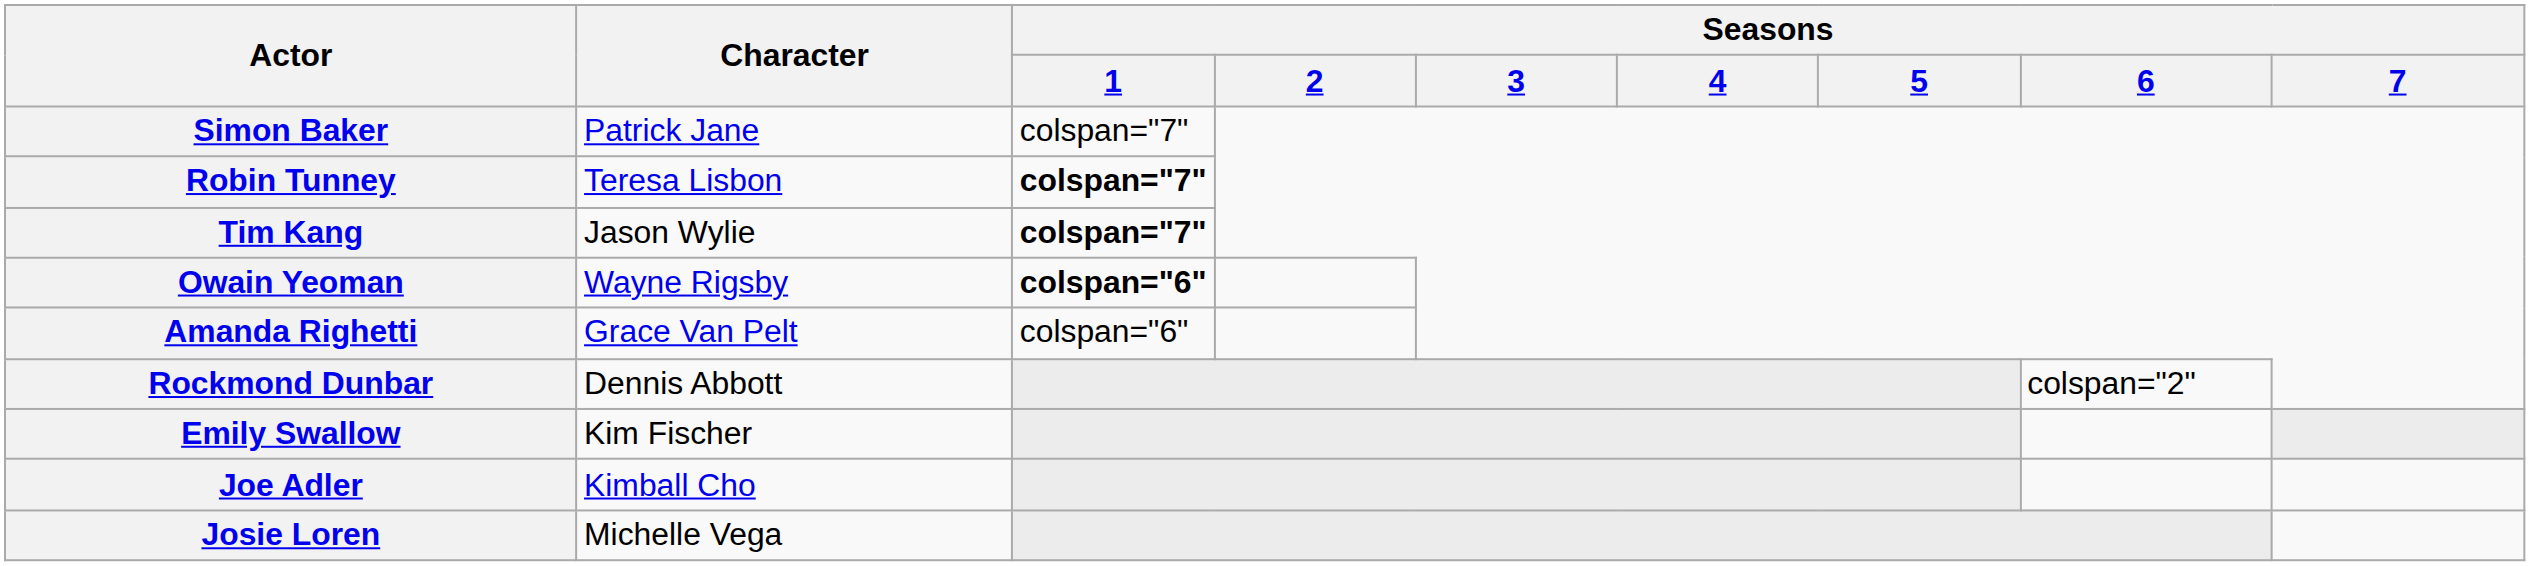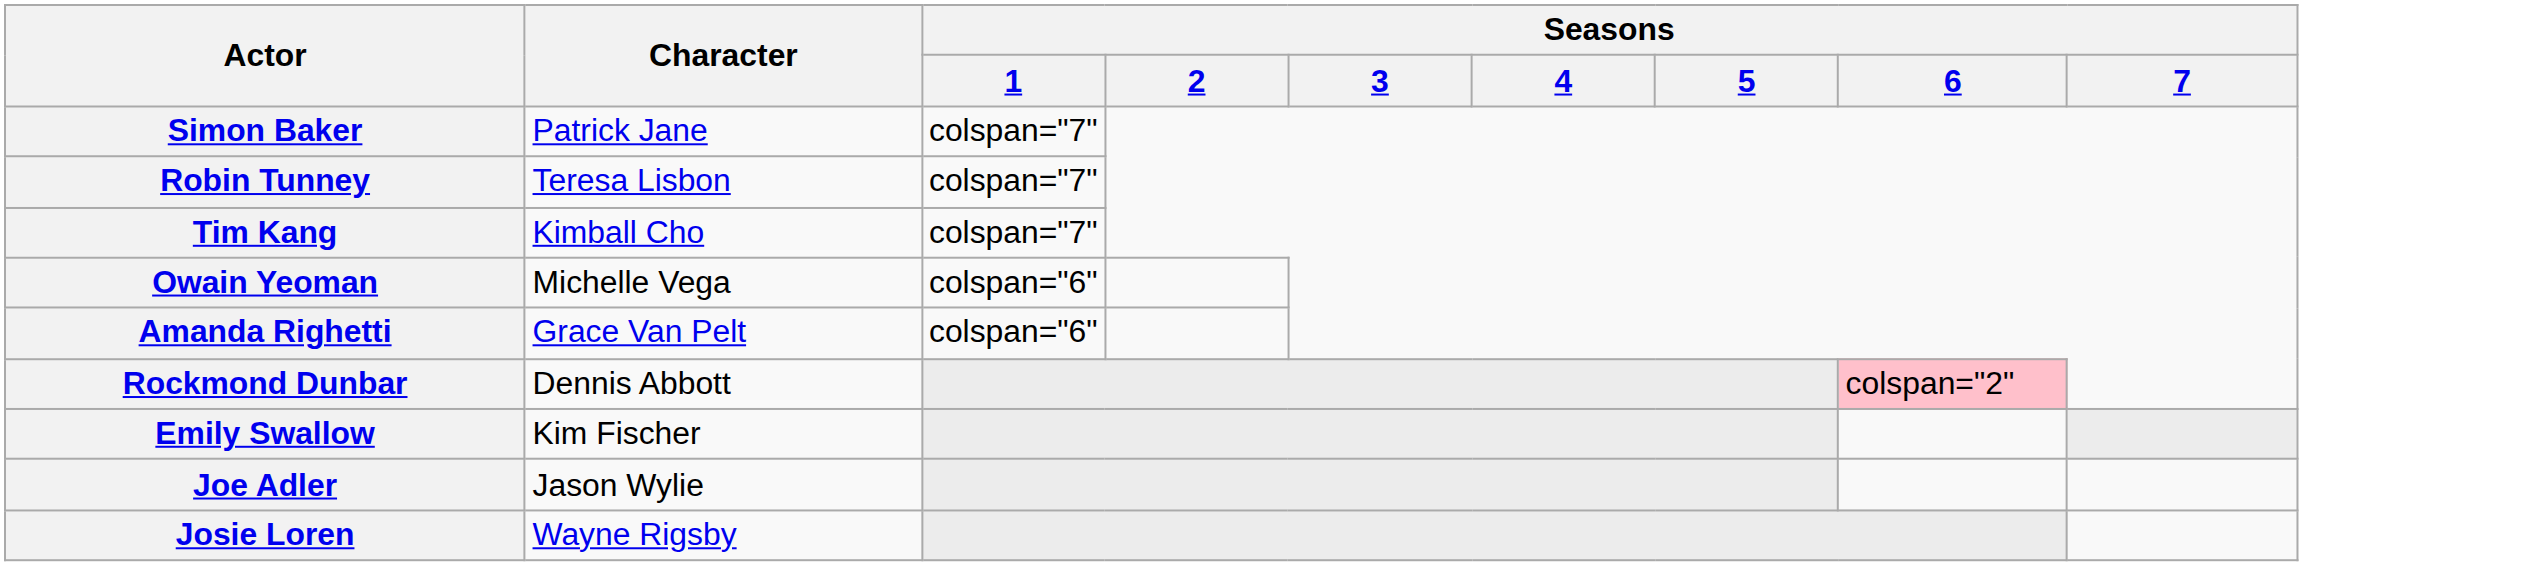 <table class="wikitable plainrowheaders sortable">
 <tr>
 <th scope="col" rowspan="2">Actor</th>
 <th scope="col" rowspan="2">Character</th>
 <th scope="col" colspan="7" class="unsortable">Seasons</th>
 </tr>
 <tr>
 <th style="width:8%;"><a href='#'>1</a></th>
 <th style="width:8%;"><a href='#'>2</a></th>
 <th style="width:8%;"><a href='#'>3</a></th>
 <th style="width:8%;"><a href='#'>4</a></th>
 <th style="width:8%;"><a href='#'>5</a></th>
 <th style="width:10%;"><a href='#'>6</a></th>
 <th style="width:10%;"><a href='#'>7</a></th>
 </tr>
 <tr>
 <th scope="row"><a href='#'>Simon Baker</a></th>
 <td><a href='#'>Patrick Jane</a></td>
 <td>colspan="7" </td>
 </tr>
 <tr>
 <th scope="row"><a href='#'>Robin Tunney</a></th>
 <td><a href='#'>Teresa Lisbon</a></td>
-<td><strong>colspan="7" </strong></td>
+<td>colspan="7" </td>
 </tr>
 <tr>
 <th scope="row"><a href='#'>Tim Kang</a></th>
-<td>Jason Wylie</td>
-<td><strong>colspan="7" </strong></td>
+<td><a href='#'>Kimball Cho</a></td>
+<td>colspan="7" </td>
 </tr>
 <tr>
 <th scope="row"><a href='#'>Owain Yeoman</a></th>
-<td><a href='#'>Wayne Rigsby</a></td>
-<td><strong>colspan="6" </strong></td>
+<td>Michelle Vega</td>
+<td>colspan="6" </td>
 <td></td>
 </tr>
 <tr>
 <th scope="row"><a href='#'>Amanda Righetti</a></th>
 <td><a href='#'>Grace Van Pelt</a></td>
 <td>colspan="6" </td>
 <td></td>
 </tr>
 <tr>
 <th scope="row"><a href='#'>Rockmond Dunbar</a></th>
 <td>Dennis Abbott</td>
 <td colspan="5" style="background: #ececec; color: grey; vertical-align: middle; text-align: center; " class="table-na"></td>
-<td>colspan="2" </td>
+<td style="background: pink;">colspan="2" </td>
 </tr>
 <tr>
 <th scope="row"><a href='#'>Emily Swallow</a></th>
 <td>Kim Fischer</td>
 <td colspan="5" style="background: #ececec; color: grey; vertical-align: middle; text-align: center; " class="table-na"></td>
 <td></td>
 <td colspan="1" style="background: #ececec; color: grey; vertical-align: middle; text-align: center; " class="table-na"></td>
 </tr>
 <tr>
 <th scope="row"><a href='#'>Joe Adler</a></th>
-<td><a href='#'>Kimball Cho</a></td>
+<td>Jason Wylie</td>
 <td colspan="5" style="background: #ececec; color: grey; vertical-align: middle; text-align: center; " class="table-na"></td>
 <td></td>
 <td></td>
 </tr>
 <tr>
 <th scope="row"><a href='#'>Josie Loren</a></th>
-<td>Michelle Vega</td>
+<td><a href='#'>Wayne Rigsby</a></td>
 <td colspan="6" style="background: #ececec; color: grey; vertical-align: middle; text-align: center; " class="table-na"></td>
 <td></td>
 </tr>
 </table>
